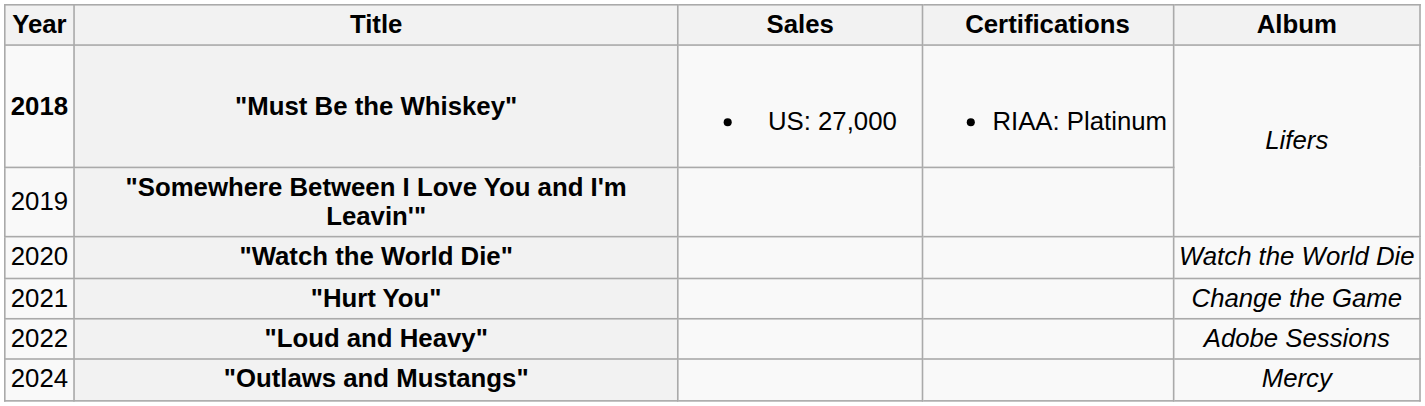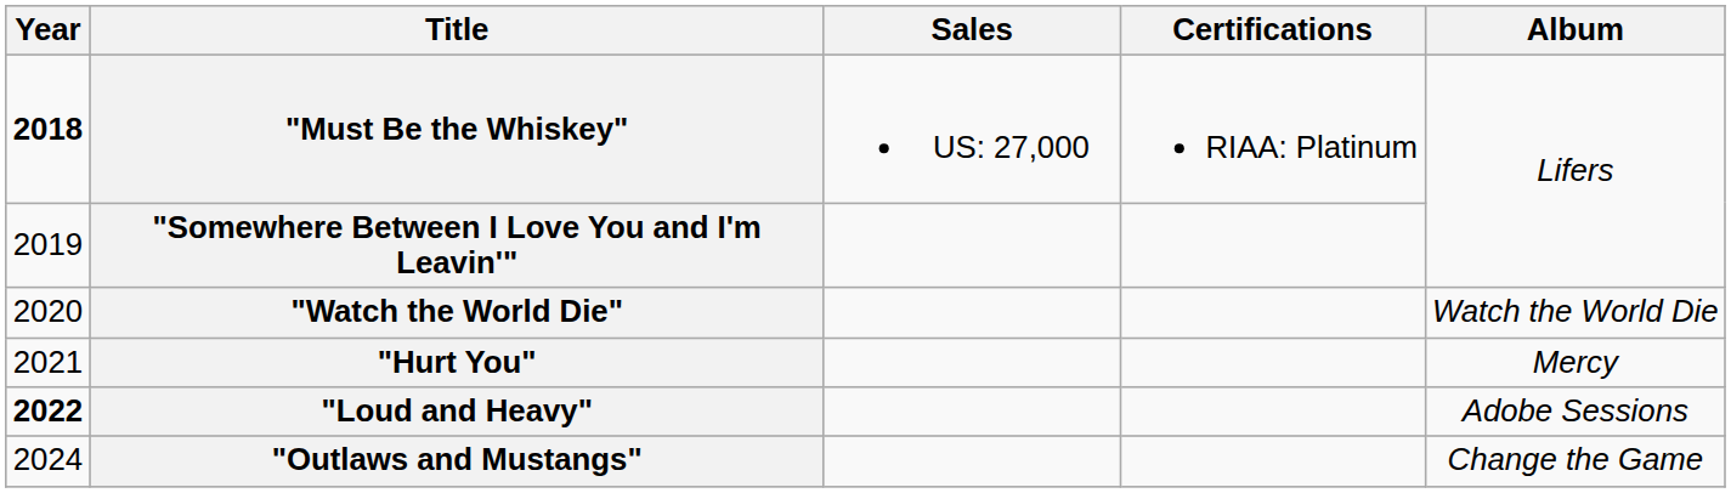 <table class="wikitable plainrowheaders" style="text-align:center;">
 <tr>
 <th>Year</th>
 <th style="width:23em;">Title</th>
 <th style="width:9em;">Sales</th>
 <th>Certifications</th>
 <th>Album</th>
 </tr>
 <tr>
 <td><strong>2018</strong></td>
 <th scope="row">"Must Be the Whiskey"</th>
 <td><br><ul><li>US: 27,000</li></ul></td>
 <td><br><ul><li>RIAA: Platinum</li></ul></td>
 <td rowspan="2"><em>Lifers</em></td>
 </tr>
 <tr>
 <td>2019</td>
 <th scope="row">"Somewhere Between I Love You and I'm Leavin'"</th>
 <td></td>
 </tr>
 <tr>
 <td>2020</td>
 <th scope="row">"Watch the World Die"</th>
 <td></td>
 <td></td>
 <td><em>Watch the World Die</em></td>
 </tr>
 <tr>
 <td>2021</td>
 <th scope="row">"Hurt You"</th>
 <td></td>
 <td></td>
-<td><em>Change the Game</em></td>
+<td><em>Mercy</em></td>
 </tr>
 <tr>
-<td>2022</td>
+<td><strong>2022</strong></td>
 <th scope="row">"Loud and Heavy"</th>
 <td></td>
 <td></td>
 <td><em>Adobe Sessions</em></td>
 </tr>
 <tr>
 <td>2024</td>
 <th scope="row">"Outlaws and Mustangs"</th>
 <td></td>
 <td></td>
-<td><em>Mercy</em></td>
+<td><em>Change the Game</em></td>
 </tr>
 </table>
